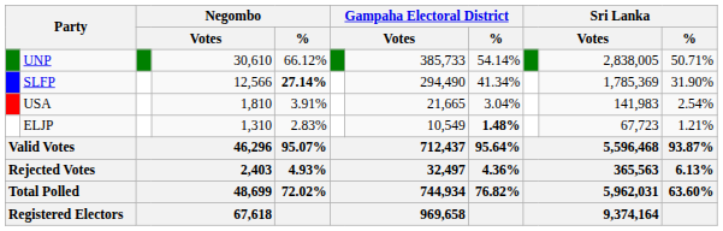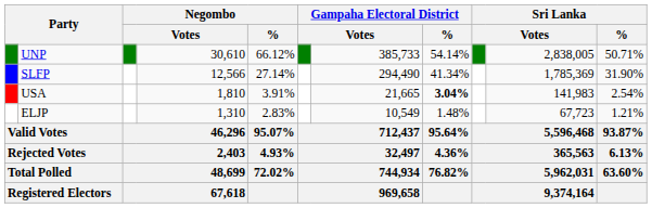 <table class="wikitable">
 <tr>
 <th colspan="2" width="144px"rowspan="2">Party</th>
 <th colspan="3" width="216px">Negombo</th>
 <th colspan="3" width="216px"><a href='#'>Gampaha Electoral District</a></th>
 <th colspan="3" width="216px">Sri Lanka</th>
 </tr>
 <tr>
 <th colspan="2" width="144px">Votes</th>
 <th>%</th>
 <th colspan="2" width="144px">Votes</th>
 <th>%</th>
 <th colspan="2" width="144px">Votes</th>
 <th>%</th>
 </tr>
 <tr>
 <td style="background-color:green;" width="10px"></td>
 <td style="text-align:left;"><a href='#'>UNP</a></td>
 <td style="background-color:green;" width="10px"></td>
 <td style="text-align:right;">30,610</td>
 <td style="text-align:right;">66.12%</td>
 <td style="background-color:green;" width="10px"></td>
 <td style="text-align:right;">385,733</td>
 <td style="text-align:right;">54.14%</td>
 <td style="background-color:green;" width="10px"></td>
 <td style="text-align:right;">2,838,005</td>
 <td style="text-align:right;">50.71%</td>
 </tr>
 <tr>
 <td style="background-color:blue;" width="10px"></td>
 <td style="text-align:left;"><a href='#'>SLFP</a></td>
 <td style="background-color:white;" width="10px"></td>
 <td style="text-align:right;">12,566</td>
-<td style="text-align:right;"><strong>27.14%</strong></td>
+<td style="text-align:right;">27.14%</td>
 <td style="background-color:white;" width="10px"></td>
 <td style="text-align:right;">294,490</td>
 <td style="text-align:right;">41.34%</td>
 <td style="background-color:white;" width="10px"></td>
 <td style="text-align:right;">1,785,369</td>
 <td style="text-align:right;">31.90%</td>
 </tr>
 <tr>
 <td style="background-color:red;" width="10px"></td>
 <td style="text-align:left;">USA</td>
 <td style="background-color:white;" width="10px"></td>
 <td style="text-align:right;">1,810</td>
 <td style="text-align:right;">3.91%</td>
 <td style="background-color:white;" width="10px"></td>
 <td style="text-align:right;">21,665</td>
-<td style="text-align:right;">3.04%</td>
+<td style="text-align:right;"><strong>3.04%</strong></td>
 <td style="background-color:white;" width="10px"></td>
 <td style="text-align:right;">141,983</td>
 <td style="text-align:right;">2.54%</td>
 </tr>
 <tr>
 <td style="background-color:white;" width="10px"></td>
 <td style="text-align:left;">ELJP</td>
 <td style="background-color:white;" width="10px"></td>
 <td style="text-align:right;">1,310</td>
 <td style="text-align:right;">2.83%</td>
 <td style="background-color:white;" width="10px"></td>
 <td style="text-align:right;">10,549</td>
-<td style="text-align:right;"><strong>1.48%</strong></td>
+<td style="text-align:right;">1.48%</td>
 <td style="background-color:white;" width="10px"></td>
 <td style="text-align:right;">67,723</td>
 <td style="text-align:right;">1.21%</td>
 </tr>
 <tr>
 <th colspan="2" width="144px"style="text-align:left;">Valid Votes</th>
 <th style="text-align:right;"colspan="2" width="144px">46,296</th>
 <th style="text-align:right;">95.07%</th>
 <th style="text-align:right;"colspan="2" width="144px">712,437</th>
 <th style="text-align:right;">95.64%</th>
 <th style="text-align:right;"colspan="2" width="144px">5,596,468</th>
 <th style="text-align:right;">93.87%</th>
 </tr>
 <tr>
 <th colspan="2" width="144px"style="text-align:left;">Rejected Votes</th>
 <th style="text-align:right;"colspan="2" width="144px">2,403</th>
 <th style="text-align:right;">4.93%</th>
 <th style="text-align:right;"colspan="2" width="144px">32,497</th>
 <th style="text-align:right;">4.36%</th>
 <th style="text-align:right;"colspan="2" width="144px">365,563</th>
 <th style="text-align:right;">6.13%</th>
 </tr>
 <tr>
 <th colspan="2" width="144px"style="text-align:left;">Total Polled</th>
 <th style="text-align:right;"colspan="2" width="144px">48,699</th>
 <th style="text-align:right;">72.02%</th>
 <th style="text-align:right;"colspan="2" width="144px">744,934</th>
 <th style="text-align:right;">76.82%</th>
 <th style="text-align:right;"colspan="2" width="144px">5,962,031</th>
 <th style="text-align:right;">63.60%</th>
 </tr>
 <tr>
 <th colspan="2" width="144px"style="text-align:left;">Registered Electors</th>
 <th style="text-align:right;"colspan="2" width="144px">67,618</th>
 <th></th>
 <th style="text-align:right;"colspan="2" width="144px">969,658</th>
 <th></th>
 <th style="text-align:right;"colspan="2" width="144px">9,374,164</th>
 <th></th>
 </tr>
 </table>
